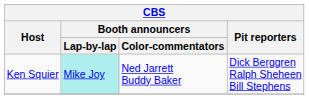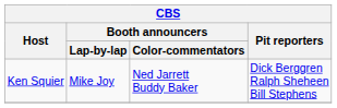 <table class="wikitable" style="font-size: 95%">
 <tr>
 <th colspan=4><a href='#'>CBS</a></th>
 </tr>
 <tr>
 <th rowspan=2>Host</th>
 <th colspan=2>Booth announcers</th>
 <th rowspan=2>Pit reporters</th>
 </tr>
 <tr>
 <th><strong>Lap-by-lap</strong></th>
 <th><strong>Color-commentators</strong></th>
 </tr>
 <tr>
 <td><a href='#'>Ken Squier</a></td>
-<td style="background: paleturquoise;"><a href='#'>Mike Joy</a></td>
+<td><a href='#'>Mike Joy</a></td>
 <td><a href='#'>Ned Jarrett</a> <br> <a href='#'>Buddy Baker</a></td>
 <td><a href='#'>Dick Berggren</a> <br> <a href='#'>Ralph Sheheen</a> <br> <a href='#'>Bill Stephens</a></td>
 </tr>
 <tr>
 </tr>
 </table>
